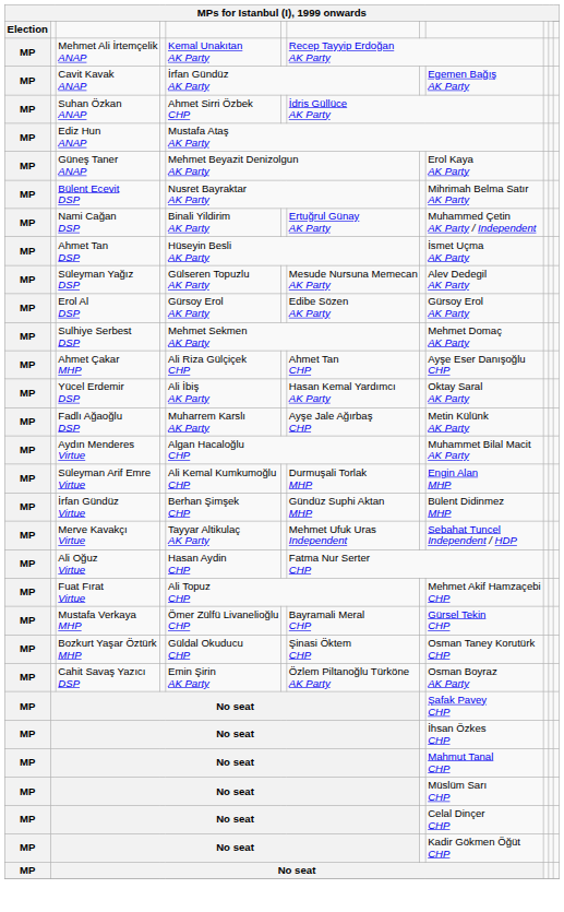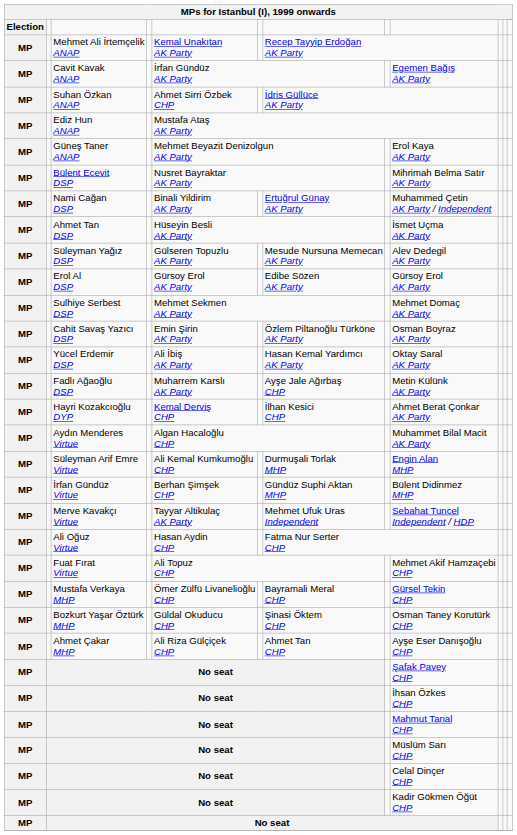 <table class="wikitable">
 <tr>
 <th colspan = 12>MPs for Istanbul (I), 1999 onwards</th>
 </tr>
 <tr>
 <th rowspan = 2>Election</th>
 <td rowspan="2" style="width:1px;"></td>
 <td rowspan = 2></td>
 <td rowspan="2" style="width:1px;"></td>
 <td rowspan = 2></td>
 <td rowspan="2" style="width:1px;"></td>
 <td rowspan = 2></td>
 <td rowspan="2" style="width:1px;"></td>
 <td rowspan = 2></td>
 <td rowspan="2" style="width:1px;"></td>
 <td rowspan = 2></td>
 </tr>
 <tr>
 <td></td>
 </tr>
 <tr>
 <th>MP</th>
 <td width=1px style="background-color: "></td>
 <td colspan = 1>Mehmet Ali İrtemçelik<br><em><a href='#'>ANAP</a></em></td>
 <td width=1px style="background-color: "></td>
 <td colspan = 1><a href='#'>Kemal Unakıtan</a><br><em><a href='#'>AK Party</a></em></td>
 <td width=1px style="background-color: "></td>
 <td colspan = 3><a href='#'>Recep Tayyip Erdoğan</a><br><em><a href='#'>AK Party</a></em></td>
 <td width=1px style="background-color: "></td>
 <td colspan = 1></td>
 <td width=1px style="background-color:"></td>
 </tr>
 <tr>
 <th>MP</th>
 <td width=1px style="background-color: "></td>
 <td colspan = 1>Cavit Kavak<br><em><a href='#'>ANAP</a></em></td>
 <td width=1px style="background-color: "></td>
 <td colspan = 3>İrfan Gündüz<br><em><a href='#'>AK Party</a></em></td>
 <td width=1px style="background-color: "></td>
 <td colspan = 1><a href='#'>Egemen Bağış</a><br><em><a href='#'>AK Party</a></em></td>
 <td width=1px style="background-color: "></td>
 <td colspan = 1></td>
 <td width=1px style="background-color:"></td>
 </tr>
 <tr>
 <th>MP</th>
 <td width=1px style="background-color: "></td>
 <td colspan = 1>Suhan Özkan<br><em><a href='#'>ANAP</a></em></td>
 <td width=1px style="background-color: "></td>
 <td colspan = 1>Ahmet Sirri Özbek<br><em><a href='#'>CHP</a></em></td>
 <td width=1px style="background-color: "></td>
 <td colspan = 3><a href='#'>İdris Güllüce</a><br><em><a href='#'>AK Party</a></em></td>
 <td width=1px style="background-color: "></td>
 <td colspan = 1></td>
 <td width=1px style="background-color:"></td>
 </tr>
 <tr>
 <th>MP</th>
 <td width=1px style="background-color: "></td>
 <td colspan = 1>Ediz Hun<br><em><a href='#'>ANAP</a></em></td>
 <td width=1px style="background-color: "></td>
 <td colspan = 5>Mustafa Ataş<br><em><a href='#'>AK Party</a></em></td>
 <td width=1px style="background-color: "></td>
 <td colspan = 1></td>
 <td width=1px style="background-color:"></td>
 </tr>
 <tr>
 <th>MP</th>
 <td width=1px style="background-color: "></td>
 <td colspan = 1>Güneş Taner<br><em><a href='#'>ANAP</a></em></td>
 <td width=1px style="background-color: "></td>
 <td colspan = 3>Mehmet Beyazit Denizolgun<br><em><a href='#'>AK Party</a></em></td>
 <td width=1px style="background-color: "></td>
 <td colspan = 1>Erol Kaya<br><em><a href='#'>AK Party</a></em></td>
 <td width=1px style="background-color: "></td>
 <td colspan = 1></td>
 <td width=1px style="background-color:"></td>
 </tr>
 <tr>
 <th>MP</th>
 <td width=1px style="background-color: "></td>
 <td colspan = 1><a href='#'>Bülent Ecevit</a><br><em><a href='#'>DSP</a></em></td>
 <td width=1px style="background-color: "></td>
 <td colspan = 3>Nusret Bayraktar<br><em><a href='#'>AK Party</a></em></td>
 <td width=1px style="background-color: "></td>
 <td colspan = 1>Mihrimah Belma Satır<br><em><a href='#'>AK Party</a></em></td>
 <td width=1px style="background-color: "></td>
 <td colspan = 1></td>
 <td width=1px style="background-color:"></td>
 </tr>
 <tr>
 <th>MP</th>
 <td width=1px style="background-color: "></td>
 <td colspan = 1>Nami Cağan<br><em><a href='#'>DSP</a></em></td>
 <td width=1px style="background-color: "></td>
 <td colspan = 1>Binali Yildirim<br><em><a href='#'>AK Party</a></em></td>
 <td width=1px style="background-color: "></td>
 <td colspan = 1><a href='#'>Ertuğrul Günay</a><br><em><a href='#'>AK Party</a></em></td>
 <td width=1px style="background-color: "></td>
 <td colspan = 1>Muhammed Çetin<br><em><a href='#'>AK Party</a> / <a href='#'>Independent</a></em></td>
 <td width=1px style="background-color: "></td>
 <td colspan = 1></td>
 <td width=1px style="background-color:"></td>
 </tr>
 <tr>
 <th>MP</th>
 <td width=1px style="background-color: "></td>
 <td colspan = 1>Ahmet Tan<br><em><a href='#'>DSP</a></em></td>
 <td width=1px style="background-color: "></td>
 <td colspan = 3>Hüseyin Besli<br><em><a href='#'>AK Party</a></em></td>
 <td width=1px style="background-color: "></td>
 <td colspan = 1>İsmet Uçma<br><em><a href='#'>AK Party</a></em></td>
 <td width=1px style="background-color: "></td>
 <td colspan = 1></td>
 <td width=1px style="background-color:"></td>
 </tr>
 <tr>
 <th>MP</th>
 <td width=1px style="background-color: "></td>
 <td colspan = 1>Süleyman Yağız<br><em><a href='#'>DSP</a></em></td>
 <td width=1px style="background-color: "></td>
 <td colspan = 1>Gülseren Topuzlu<br><em><a href='#'>AK Party</a></em></td>
 <td width=1px style="background-color: "></td>
 <td colspan = 1>Mesude Nursuna Memecan<br><em><a href='#'>AK Party</a></em></td>
 <td width=1px style="background-color: "></td>
 <td colspan = 1>Alev Dedegil<br><em><a href='#'>AK Party</a></em></td>
 <td width=1px style="background-color: "></td>
 <td colspan = 1></td>
 <td width=1px style="background-color:"></td>
 </tr>
 <tr>
 <th>MP</th>
 <td width=1px style="background-color: "></td>
 <td colspan = 1>Erol Al<br><em><a href='#'>DSP</a></em></td>
 <td width=1px style="background-color: "></td>
 <td colspan = 1>Gürsoy Erol<br><em><a href='#'>AK Party</a></em></td>
 <td width=1px style="background-color: "></td>
 <td colspan = 1>Edibe Sözen<br><em><a href='#'>AK Party</a></em></td>
 <td width=1px style="background-color: "></td>
 <td colspan = 1>Gürsoy Erol<br><em><a href='#'>AK Party</a></em></td>
 <td width=1px style="background-color: "></td>
 <td colspan = 1></td>
 <td width=1px style="background-color:"></td>
 </tr>
 <tr>
 <th>MP</th>
 <td width=1px style="background-color: "></td>
 <td colspan = 1>Sulhiye Serbest<br><em><a href='#'>DSP</a></em></td>
 <td width=1px style="background-color: "></td>
 <td colspan = 3>Mehmet Sekmen<br><em><a href='#'>AK Party</a></em></td>
 <td width=1px style="background-color: "></td>
 <td colspan = 1>Mehmet Domaç<br><em><a href='#'>AK Party</a></em></td>
 <td width=1px style="background-color: "></td>
 <td colspan = 1></td>
 <td width=1px style="background-color:"></td>
 </tr>
 <tr>
 <th>MP</th>
 <td width=1px style="background-color: "></td>
-<td colspan = 1>Ahmet Çakar<br><em><a href='#'>MHP</a></em></td>
+<td colspan = 1>Cahit Savaş Yazıcı<br><em><a href='#'>DSP</a></em></td>
 <td width=1px style="background-color: "></td>
-<td colspan = 1>Ali Riza Gülçiçek<br><em><a href='#'>CHP</a></em></td>
+<td colspan = 1>Emin Şirin<br><em><a href='#'>AK Party</a></em></td>
 <td width=1px style="background-color: "></td>
-<td colspan = 1>Ahmet Tan<br><em><a href='#'>CHP</a></em></td>
+<td colspan = 1>Özlem Piltanoğlu Türköne<br><em><a href='#'>AK Party</a></em></td>
 <td width=1px style="background-color: "></td>
-<td colspan = 1>Ayşe Eser Danışoğlu<br><em><a href='#'>CHP</a></em></td>
+<td colspan = 1>Osman Boyraz<br><em><a href='#'>AK Party</a></em></td>
 <td width=1px style="background-color: "></td>
 <td colspan = 1></td>
 <td width=1px style="background-color:"></td>
 </tr>
 <tr>
 <th>MP</th>
 <td width=1px style="background-color: "></td>
 <td colspan = 1>Yücel Erdemir<br><em><a href='#'>DSP</a></em></td>
 <td width=1px style="background-color: "></td>
 <td colspan = 1>Ali İbiş<br><em><a href='#'>AK Party</a></em></td>
 <td width=1px style="background-color: "></td>
 <td colspan = 1>Hasan Kemal Yardımcı<br><em><a href='#'>AK Party</a></em></td>
 <td width=1px style="background-color: "></td>
 <td colspan = 1>Oktay Saral<br><em><a href='#'>AK Party</a></em></td>
 <td width=1px style="background-color: "></td>
 <td colspan = 1></td>
 <td width=1px style="background-color:"></td>
 </tr>
 <tr>
 <th>MP</th>
 <td width=1px style="background-color: "></td>
 <td colspan = 1>Fadlı Ağaoğlu<br><em><a href='#'>DSP</a></em></td>
 <td width=1px style="background-color: "></td>
 <td colspan = 1>Muharrem Karslı<br><em><a href='#'>AK Party</a></em></td>
 <td width=1px style="background-color: "></td>
 <td colspan = 1>Ayşe Jale Ağırbaş<br><em><a href='#'>CHP</a></em></td>
 <td width=1px style="background-color: "></td>
 <td colspan = 1>Metin Külünk<br><em><a href='#'>AK Party</a></em></td>
+<td width=1px style="background-color: "></td>
+<td colspan = 1></td>
+<td width=1px style="background-color:"></td>
+</tr>
+<tr>
+<th>MP</th>
+<td width=1px style="background-color: "></td>
+<td colspan = 1>Hayri Kozakcıoğlu<br><em><a href='#'>DYP</a></em></td>
+<td width=1px style="background-color: "></td>
+<td colspan = 1><a href='#'>Kemal Derviş</a><br><em><a href='#'>CHP</a></em></td>
+<td width=1px style="background-color: "></td>
+<td colspan = 1>İlhan Kesici<br><em><a href='#'>CHP</a></em></td>
+<td width=1px style="background-color: "></td>
+<td colspan = 1>Ahmet Berat Çonkar<br><em><a href='#'>AK Party</a></em></td>
 <td width=1px style="background-color: "></td>
 <td colspan = 1></td>
 <td width=1px style="background-color:"></td>
 </tr>
 <tr>
 <th>MP</th>
 <td width=1px style="background-color: "></td>
 <td colspan = 1>Aydın Menderes<br><em><a href='#'>Virtue</a></em></td>
 <td width=1px style="background-color: "></td>
 <td colspan = 3>Algan Hacaloğlu<br><em><a href='#'>CHP</a></em></td>
 <td width=1px style="background-color: "></td>
 <td colspan = 1>Muhammet Bilal Macit<br><em><a href='#'>AK Party</a></em></td>
 <td width=1px style="background-color: "></td>
 <td colspan = 1></td>
 <td width=1px style="background-color:"></td>
 </tr>
 <tr>
 <th>MP</th>
 <td width=1px style="background-color: "></td>
 <td colspan = 1>Süleyman Arif Emre<br><em><a href='#'>Virtue</a></em></td>
 <td width=1px style="background-color: "></td>
 <td colspan = 1>Ali Kemal Kumkumoğlu<br><em><a href='#'>CHP</a></em></td>
 <td width=1px style="background-color: "></td>
 <td colspan = 1>Durmuşali Torlak<br><em><a href='#'>MHP</a></em></td>
 <td width=1px style="background-color: "></td>
 <td colspan = 1><a href='#'>Engin Alan</a><br><em><a href='#'>MHP</a></em></td>
 <td width=1px style="background-color: "></td>
 <td colspan = 1></td>
 <td width=1px style="background-color:"></td>
 </tr>
 <tr>
 <th>MP</th>
 <td width=1px style="background-color: "></td>
 <td colspan = 1>İrfan Gündüz<br><em><a href='#'>Virtue</a></em></td>
 <td width=1px style="background-color: "></td>
 <td colspan = 1>Berhan Şimşek<br><em><a href='#'>CHP</a></em></td>
 <td width=1px style="background-color: "></td>
 <td colspan = 1>Gündüz Suphi Aktan<br><em><a href='#'>MHP</a></em></td>
 <td width=1px style="background-color: "></td>
 <td colspan = 1>Bülent Didinmez<br><em><a href='#'>MHP</a></em></td>
 <td width=1px style="background-color: "></td>
 <td colspan = 1></td>
 <td width=1px style="background-color:"></td>
 </tr>
 <tr>
 <th>MP</th>
 <td width=1px style="background-color: "></td>
 <td colspan = 1>Merve Kavakçı<br><em><a href='#'>Virtue</a></em></td>
 <td width=1px style="background-color: "></td>
 <td colspan = 1>Tayyar Altikulaç<br><em><a href='#'>AK Party</a></em></td>
 <td width=1px style="background-color: "></td>
 <td colspan = 1>Mehmet Ufuk Uras<br><em><a href='#'>Independent</a></em></td>
 <td width=1px style="background-color: "></td>
 <td colspan = 1><a href='#'>Sebahat Tuncel</a><br><em><a href='#'>Independent</a> / <a href='#'>HDP</a></em></td>
 <td width=1px style="background-color: "></td>
 <td colspan = 1></td>
 <td width=1px style="background-color:"></td>
 </tr>
 <tr>
 <th>MP</th>
 <td width=1px style="background-color: "></td>
 <td colspan = 1>Ali Oğuz<br><em><a href='#'>Virtue</a></em></td>
 <td width=1px style="background-color: "></td>
 <td colspan = 1>Hasan Aydin<br><em><a href='#'>CHP</a></em></td>
 <td width=1px style="background-color: "></td>
 <td colspan = 3>Fatma Nur Serter<br><em><a href='#'>CHP</a></em></td>
 <td width=1px style="background-color: "></td>
 <td colspan = 1></td>
 <td width=1px style="background-color:"></td>
 </tr>
 <tr>
 <th>MP</th>
 <td width=1px style="background-color: "></td>
 <td colspan = 1>Fuat Fırat<br><em><a href='#'>Virtue</a></em></td>
 <td width=1px style="background-color: "></td>
 <td colspan = 3>Ali Topuz<br><em><a href='#'>CHP</a></em></td>
 <td width=1px style="background-color: "></td>
 <td colspan = 1>Mehmet Akif Hamzaçebi<br><em><a href='#'>CHP</a></em></td>
 <td width=1px style="background-color: "></td>
 <td colspan = 1></td>
 <td width=1px style="background-color:"></td>
 </tr>
 <tr>
 <th>MP</th>
 <td width=1px style="background-color: "></td>
 <td colspan = 1>Mustafa Verkaya<br><em><a href='#'>MHP</a></em></td>
 <td width=1px style="background-color: "></td>
 <td colspan = 1>Ömer Zülfü Livanelioğlu<br><em><a href='#'>CHP</a></em></td>
 <td width=1px style="background-color: "></td>
 <td colspan = 1>Bayramali Meral<br><em><a href='#'>CHP</a></em></td>
 <td width=1px style="background-color: "></td>
 <td colspan = 1><a href='#'>Gürsel Tekin</a><br><em><a href='#'>CHP</a></em></td>
 <td width=1px style="background-color: "></td>
 <td colspan = 1></td>
 <td width=1px style="background-color:"></td>
 </tr>
 <tr>
 <th>MP</th>
 <td width=1px style="background-color: "></td>
 <td colspan = 1>Bozkurt Yaşar Öztürk<br><em><a href='#'>MHP</a></em></td>
 <td width=1px style="background-color: "></td>
 <td colspan = 1>Güldal Okuducu<br><em><a href='#'>CHP</a></em></td>
 <td width=1px style="background-color: "></td>
 <td colspan = 1>Şinasi Öktem<br><em><a href='#'>CHP</a></em></td>
 <td width=1px style="background-color: "></td>
 <td colspan = 1>Osman Taney Korutürk<br><em><a href='#'>CHP</a></em></td>
 <td width=1px style="background-color: "></td>
 <td colspan = 1></td>
 <td width=1px style="background-color:"></td>
 </tr>
 <tr>
 <th>MP</th>
 <td width=1px style="background-color: "></td>
-<td colspan = 1>Cahit Savaş Yazıcı<br><em><a href='#'>DSP</a></em></td>
+<td colspan = 1>Ahmet Çakar<br><em><a href='#'>MHP</a></em></td>
 <td width=1px style="background-color: "></td>
-<td colspan = 1>Emin Şirin<br><em><a href='#'>AK Party</a></em></td>
+<td colspan = 1>Ali Riza Gülçiçek<br><em><a href='#'>CHP</a></em></td>
 <td width=1px style="background-color: "></td>
-<td colspan = 1>Özlem Piltanoğlu Türköne<br><em><a href='#'>AK Party</a></em></td>
+<td colspan = 1>Ahmet Tan<br><em><a href='#'>CHP</a></em></td>
 <td width=1px style="background-color: "></td>
-<td colspan = 1>Osman Boyraz<br><em><a href='#'>AK Party</a></em></td>
+<td colspan = 1>Ayşe Eser Danışoğlu<br><em><a href='#'>CHP</a></em></td>
 <td width=1px style="background-color: "></td>
 <td colspan = 1></td>
 <td width=1px style="background-color:"></td>
 </tr>
 <tr>
 <th>MP</th>
 <th colspan = 6>No seat</th>
 <td width=1px style="background-color: "></td>
 <td colspan = 1><a href='#'>Şafak Pavey</a><br><em><a href='#'>CHP</a></em></td>
 <td width=1px style="background-color: "></td>
 <td colspan = 1></td>
 <td width=1px style="background-color:"></td>
 </tr>
 <tr>
 <th>MP</th>
 <th colspan = 6>No seat</th>
 <td width=1px style="background-color: "></td>
 <td colspan = 1>İhsan Özkes<br><em><a href='#'>CHP</a></em></td>
 <td width=1px style="background-color: "></td>
 <td colspan = 1></td>
 <td width=1px style="background-color:"></td>
 </tr>
 <tr>
 <th>MP</th>
 <th colspan = 6>No seat</th>
 <td width=1px style="background-color: "></td>
 <td colspan = 1><a href='#'>Mahmut Tanal</a><br><em><a href='#'>CHP</a></em></td>
 <td width=1px style="background-color: "></td>
 <td colspan = 1></td>
 <td width=1px style="background-color:"></td>
 </tr>
 <tr>
 <th>MP</th>
 <th colspan = 6>No seat</th>
 <td width=1px style="background-color: "></td>
 <td colspan = 1>Müslüm Sarı<br><em><a href='#'>CHP</a></em></td>
 <td width=1px style="background-color: "></td>
 <td colspan = 1></td>
 <td width=1px style="background-color:"></td>
 </tr>
 <tr>
 <th>MP</th>
 <th colspan = 6>No seat</th>
 <td width=1px style="background-color: "></td>
 <td colspan = 1>Celal Dinçer<br><em><a href='#'>CHP</a></em></td>
 <td width=1px style="background-color: "></td>
 <td colspan = 1></td>
 <td width=1px style="background-color:"></td>
 </tr>
 <tr>
 <th>MP</th>
 <th colspan = 6>No seat</th>
 <td width=1px style="background-color: "></td>
 <td colspan = 1>Kadir Gökmen Öğüt<br><em><a href='#'>CHP</a></em></td>
 <td width=1px style="background-color: "></td>
 <td colspan = 1></td>
 <td width=1px style="background-color:"></td>
 </tr>
 <tr>
 <th>MP</th>
 <th colspan = 8>No seat</th>
 <td width=1px style="background-color: "></td>
 <td colspan = 1></td>
 <td width=1px style="background-color:"></td>
 </tr>
 <tr>
 </tr>
 </table>
